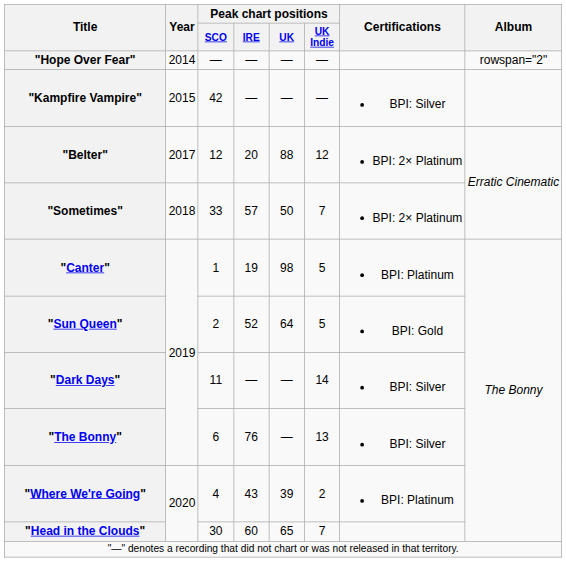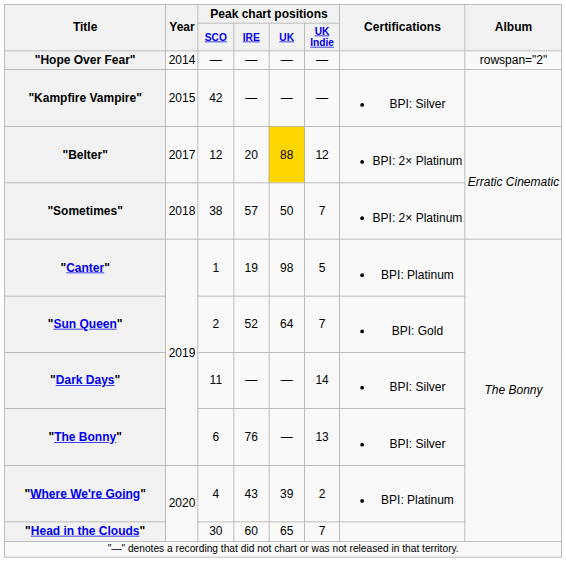 <table class="wikitable plainrowheaders" style="text-align:center">
 <tr>
 <th scope="col" rowspan="2" style="width:13em;">Title</th>
 <th scope="col" rowspan="2" style="width:1em;">Year</th>
 <th scope="col" colspan="4">Peak chart positions</th>
 <th scope="col" rowspan="2">Certifications</th>
 <th scope="col" rowspan="2">Album</th>
 </tr>
 <tr>
 <th scope="col" style="width:3em;font-size:85%;"><a href='#'>SCO</a><br></th>
 <th scope="col" style="width:3em;font-size:85%;"><a href='#'>IRE</a><br></th>
 <th scope="col" style="width:3em;font-size:85%;"><a href='#'>UK</a><br></th>
 <th scope="col" style="width:3em;font-size:85%;"><a href='#'>UK<br>Indie</a><br></th>
 </tr>
 <tr>
 <th scope="row">"Hope Over Fear"</th>
 <td>2014</td>
 <td>—</td>
 <td>—</td>
 <td>—</td>
 <td>—</td>
 <td></td>
 <td>rowspan="2" </td>
 </tr>
 <tr>
 <th scope="row">"Kampfire Vampire"</th>
 <td>2015</td>
 <td>42</td>
 <td>—</td>
 <td>—</td>
 <td>—</td>
 <td><br><ul><li>BPI: Silver</li></ul></td>
 </tr>
 <tr>
 <th scope="row">"Belter"</th>
 <td>2017</td>
 <td>12</td>
 <td>20</td>
-<td>88</td>
+<td style="background: gold;">88</td>
 <td>12</td>
 <td><br><ul><li>BPI: 2× Platinum</li></ul></td>
 <td rowspan="2"><em>Erratic Cinematic</em></td>
 </tr>
 <tr>
 <th scope="row">"Sometimes"</th>
 <td>2018</td>
-<td>33</td>
+<td>38</td>
 <td>57</td>
 <td>50</td>
 <td>7</td>
 <td><br><ul><li>BPI: 2× Platinum</li></ul></td>
 </tr>
 <tr>
 <th scope="row">"<a href='#'>Canter</a>"</th>
 <td rowspan="4">2019</td>
 <td>1</td>
 <td>19</td>
 <td>98</td>
 <td>5</td>
 <td><br><ul><li>BPI: Platinum</li></ul></td>
 <td rowspan="6"><em>The Bonny</em></td>
 </tr>
 <tr>
 <th scope="row">"<a href='#'>Sun Queen</a>"</th>
 <td>2</td>
 <td>52</td>
 <td>64</td>
-<td>5</td>
+<td>7</td>
 <td><br><ul><li>BPI: Gold</li></ul></td>
 </tr>
 <tr>
 <th scope="row">"<a href='#'>Dark Days</a>"</th>
 <td>11</td>
 <td>—</td>
 <td>—</td>
 <td>14</td>
 <td><br><ul><li>BPI: Silver</li></ul></td>
 </tr>
 <tr>
 <th scope="row">"<a href='#'>The Bonny</a>"</th>
 <td>6</td>
 <td>76</td>
 <td>—</td>
 <td>13</td>
 <td><br><ul><li>BPI: Silver</li></ul></td>
 </tr>
 <tr>
 <th scope="row">"<a href='#'>Where We're Going</a>"</th>
 <td rowspan="2">2020</td>
 <td>4</td>
 <td>43</td>
 <td>39</td>
 <td>2</td>
 <td><br><ul><li>BPI: Platinum</li></ul></td>
 </tr>
 <tr>
 <th scope="row">"<a href='#'>Head in the Clouds</a>"</th>
 <td>30</td>
 <td>60</td>
 <td>65</td>
 <td>7</td>
 <td></td>
 </tr>
 <tr>
 <td colspan="20" style="font-size:85%">"—" denotes a recording that did not chart or was not released in that territory.</td>
 </tr>
 </table>
